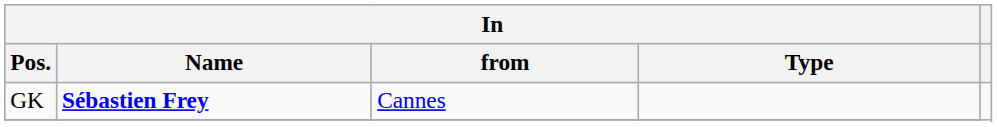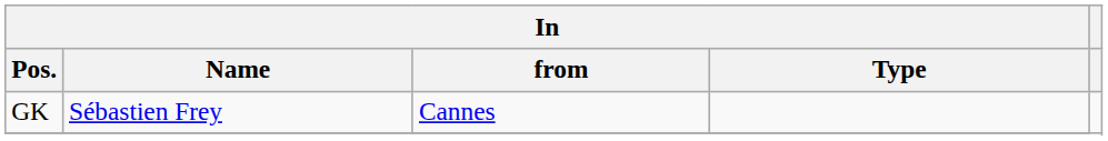 <table class="wikitable" style="font-size:90%;">
 <tr>
 <th colspan="4">In</th>
 <th></th>
 </tr>
 <tr>
 <th width=3%>Pos.</th>
 <th width=33%>Name</th>
 <th width=28%>from</th>
 <th width=36%>Type</th>
 <th></th>
 </tr>
 <tr>
 <td>GK</td>
-<td><strong><a href='#'>Sébastien Frey</a></strong></td>
+<td><a href='#'>Sébastien Frey</a></td>
 <td><a href='#'>Cannes</a></td>
 <td></td>
 </tr>
 <tr>
 </tr>
 </table>
